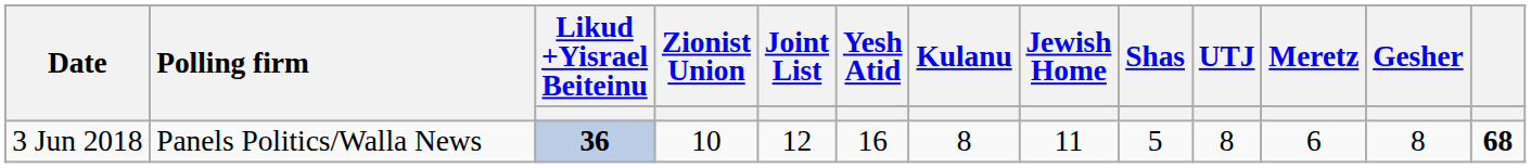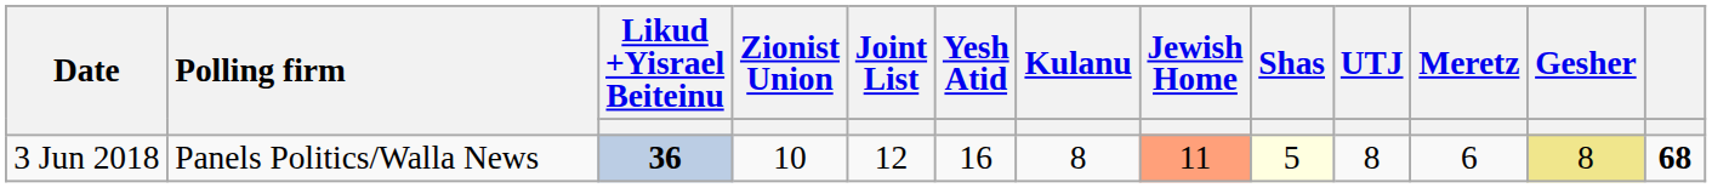 <table class="wikitable" style="text-align:center; font-size:90%; line-height:14px;">
 <tr>
 <th rowspan="2">Date</th>
 <th style="width:180px;text-align:left;" rowspan="2">Polling firm</th>
 <th><a href='#'>Likud<br>+Yisrael<br>Beiteinu</a></th>
 <th><a href='#'>Zionist<br>Union</a></th>
 <th><a href='#'>Joint<br>List</a></th>
 <th><a href='#'>Yesh<br>Atid</a></th>
 <th><a href='#'>Kulanu</a></th>
 <th><a href='#'>Jewish<br>Home</a></th>
 <th><a href='#'>Shas</a></th>
 <th><a href='#'>UTJ</a></th>
 <th><a href='#'>Meretz</a></th>
 <th><a href='#'>Gesher</a></th>
 <th style="width:20px;"></th>
 </tr>
 <tr>
 <th style="color:inherit;background:"></th>
 <th style="color:inherit;background:"></th>
 <th style="color:inherit;background:"></th>
 <th style="color:inherit;background:"></th>
 <th style="color:inherit;background:"></th>
 <th style="color:inherit;background:"></th>
 <th style="color:inherit;background:"></th>
 <th style="color:inherit;background:"></th>
 <th style="color:inherit;background:"></th>
 <th style="color:inherit;background:"></th>
 <th style="color:inherit;background:"></th>
 </tr>
 <tr>
 <td>3 Jun 2018</td>
 <td style="text-align:left;">Panels Politics/Walla News</td>
 <td style="background:#BBCDE4"><strong>36</strong>  </td>
 <td>10					</td>
 <td>12					</td>
 <td>16                                     </td>
 <td>8					</td>
-<td>11					</td>
-<td>5					</td>
+<td style="background: lightsalmon;">11					</td>
+<td style="background: lightyellow;">5					</td>
 <td>8					</td>
 <td>6					</td>
-<td>8					</td>
+<td style="background: khaki;">8					</td>
 <td style="background:"><strong>68</strong>	</td>
 </tr>
 </table>
